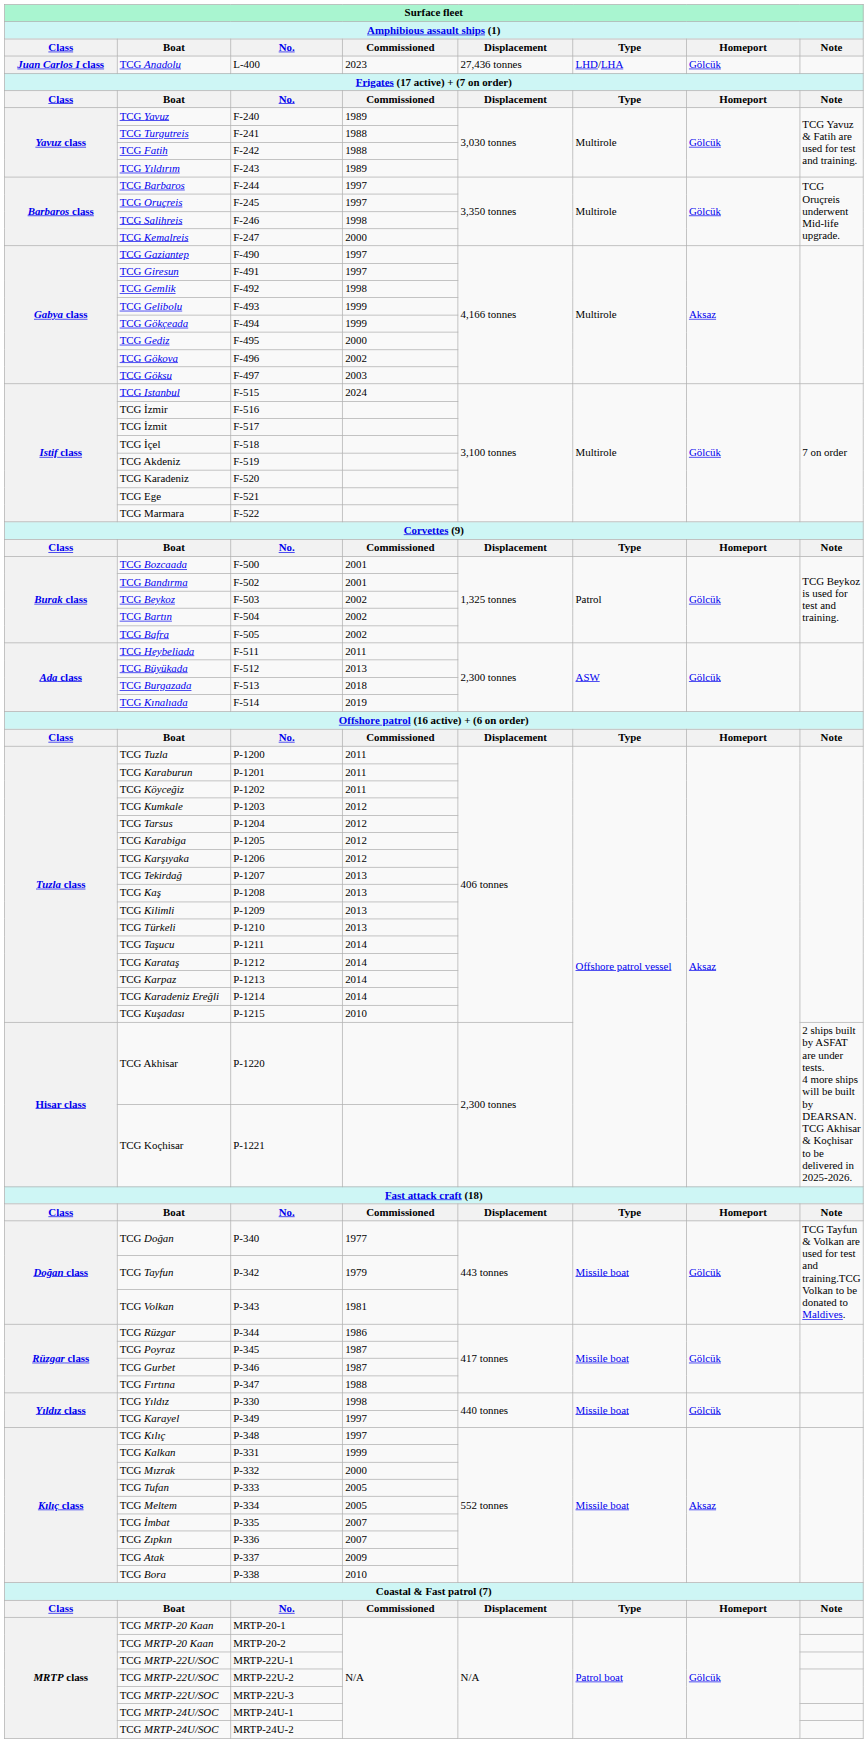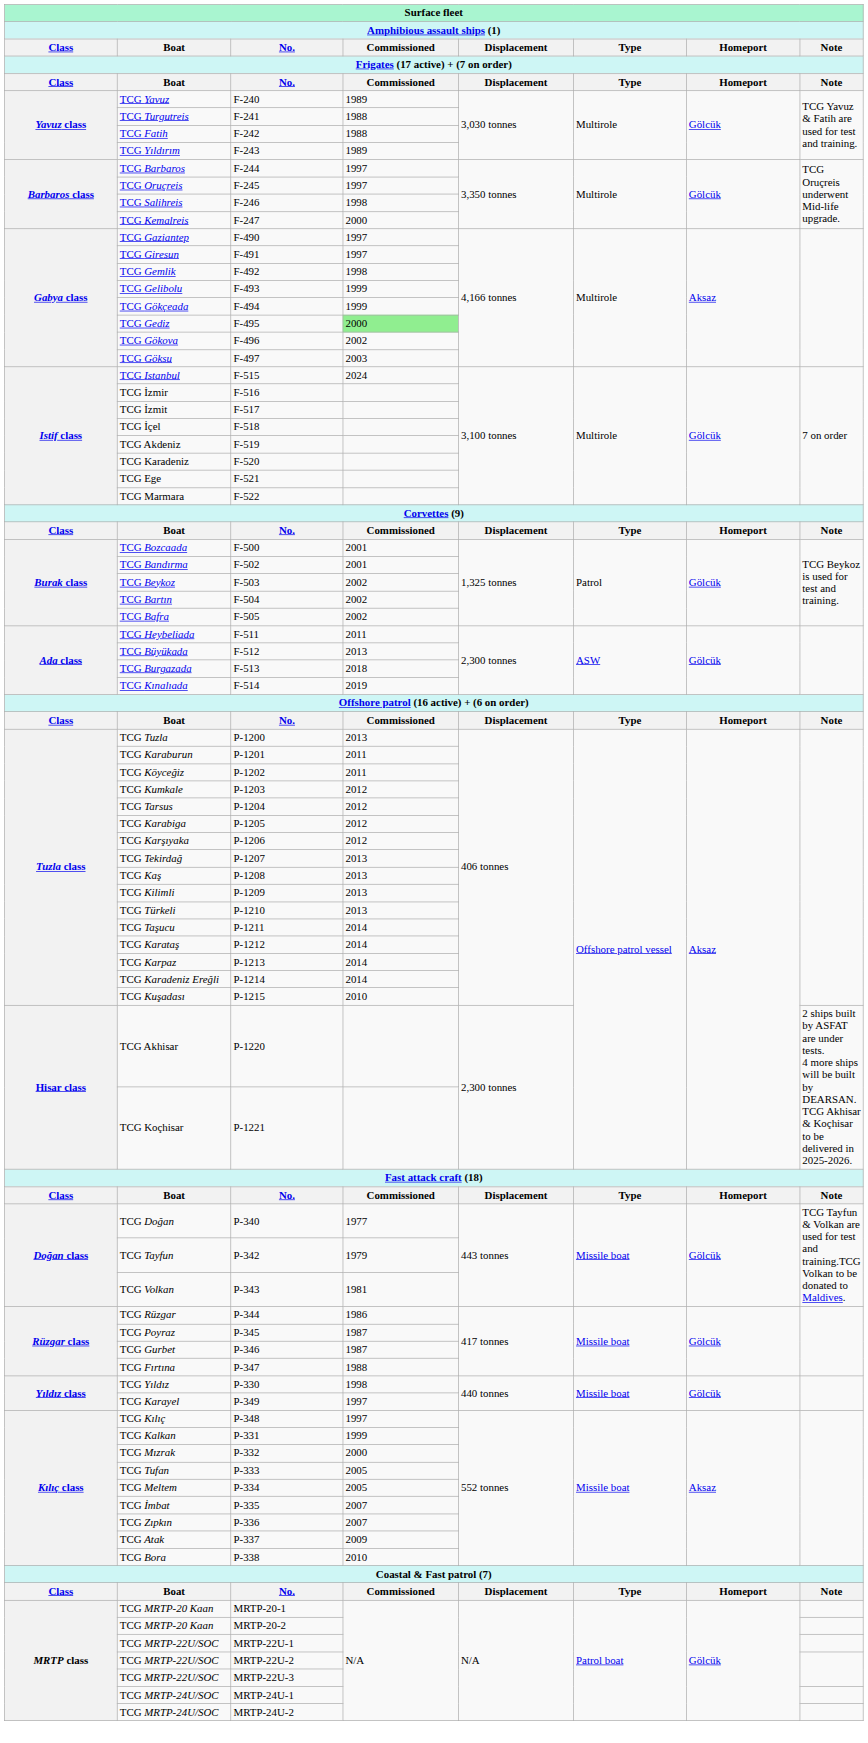 <table class="wikitable" style="margin:auto; width:100%;">
 <tr>
 <th style="align: center; background: #A9F5D0;" colspan="8">Surface fleet</th>
 </tr>
 <tr>
 <th style="align: center; background: #CEF6F5;" colspan="8"><a href='#'>Amphibious assault ships</a> (1)</th>
 </tr>
 <tr>
 <th style="text-align:center; width:14%;"><a href='#'>Class</a></th>
 <th style="text-align:center; width:14%;">Boat</th>
 <th style="text-align:center; width:14%;"><a href='#'>No.</a></th>
 <th style="text-align:center; width:14%;">Commissioned</th>
 <th style="text-align:center; width:14%;">Displacement</th>
 <th style="text-align:center; width:14%;">Type</th>
 <th style="text-align:center; width:14%;">Homeport</th>
 <th style="text-align:center; width:2%;">Note</th>
-</tr>
-<tr>
-<th rowspan="1"><a href='#'><em>Juan Carlos I</em> class</a></th>
-<td><a href='#'>TCG <em>Anadolu</em></a></td>
-<td>L-400</td>
-<td>2023</td>
-<td>27,436 tonnes</td>
-<td><a href='#'>LHD</a>/<a href='#'>LHA</a></td>
-<td><a href='#'>Gölcük</a></td>
-<td></td>
 </tr>
 <tr>
 <th style="align: center; background: #CEF6F5;" colspan="8"><a href='#'>Frigates</a> (17 active) + (7 on order)</th>
 </tr>
 <tr>
 <th style="text-align:center; width:14%;"><a href='#'>Class</a></th>
 <th style="text-align:center; width:14%;">Boat</th>
 <th style="text-align:center; width:14%;"><a href='#'>No.</a></th>
 <th style="text-align:center; width:14%;">Commissioned</th>
 <th style="text-align:center; width:14%;">Displacement</th>
 <th style="text-align:center; width:14%;">Type</th>
 <th style="text-align:center; width:14%;">Homeport</th>
 <th style="text-align:center; width:2%;">Note</th>
 </tr>
 <tr>
 <th rowspan="4"><a href='#'><em>Yavuz</em> class</a></th>
 <td><a href='#'>TCG <em>Yavuz</em></a></td>
 <td>F-240</td>
 <td>1989</td>
 <td rowspan="4">3,030 tonnes</td>
 <td rowspan="4">Multirole</td>
 <td rowspan="4"><a href='#'>Gölcük</a></td>
 <td rowspan="4">TCG Yavuz & Fatih are used  for test and training.</td>
 </tr>
 <tr>
 <td><a href='#'>TCG <em>Turgutreis</em></a></td>
 <td>F-241</td>
 <td>1988</td>
 </tr>
 <tr>
 <td><a href='#'>TCG <em>Fatih</em></a></td>
 <td>F-242</td>
 <td>1988</td>
 </tr>
 <tr>
 <td><a href='#'>TCG <em>Yıldırım</em></a></td>
 <td>F-243</td>
 <td>1989</td>
 </tr>
 <tr>
 <th rowspan="4"><a href='#'><em>Barbaros</em> class</a></th>
 <td><a href='#'>TCG <em>Barbaros</em></a></td>
 <td>F-244</td>
 <td>1997</td>
 <td rowspan="4">3,350 tonnes</td>
 <td rowspan="4">Multirole</td>
 <td rowspan="4"><a href='#'>Gölcük</a></td>
 <td rowspan="4">TCG Oruçreis underwent Mid-life upgrade.</td>
 </tr>
 <tr>
 <td><a href='#'>TCG <em>Oruçreis</em></a></td>
 <td>F-245</td>
 <td>1997</td>
 </tr>
 <tr>
 <td><a href='#'>TCG <em>Salihreis</em></a></td>
 <td>F-246</td>
 <td>1998</td>
 </tr>
 <tr>
 <td><a href='#'>TCG <em>Kemalreis</em></a></td>
 <td>F-247</td>
 <td>2000</td>
 </tr>
 <tr>
 <th rowspan="8"><a href='#'><em>Gabya</em> class</a></th>
 <td><a href='#'>TCG <em>Gaziantep</em></a></td>
 <td>F-490</td>
 <td>1997</td>
 <td rowspan="8">4,166 tonnes</td>
 <td rowspan="8">Multirole</td>
 <td rowspan="8"><a href='#'>Aksaz</a></td>
 <td rowspan="8"></td>
 </tr>
 <tr>
 <td><a href='#'>TCG <em>Giresun</em></a></td>
 <td>F-491</td>
 <td>1997</td>
 </tr>
 <tr>
 <td><a href='#'>TCG <em>Gemlik</em></a></td>
 <td>F-492</td>
 <td>1998</td>
 </tr>
 <tr>
 <td><a href='#'>TCG <em>Gelibolu</em></a></td>
 <td>F-493</td>
 <td>1999</td>
 </tr>
 <tr>
 <td><a href='#'>TCG <em>Gökçeada</em></a></td>
 <td>F-494</td>
 <td>1999</td>
 </tr>
 <tr>
 <td><a href='#'>TCG <em>Gediz</em></a></td>
 <td>F-495</td>
-<td>2000</td>
+<td style="background: lightgreen;">2000</td>
 </tr>
 <tr>
 <td><a href='#'>TCG <em>Gökova</em></a></td>
 <td>F-496</td>
 <td>2002</td>
 </tr>
 <tr>
 <td><a href='#'>TCG <em>Göksu</em></a></td>
 <td>F-497</td>
 <td>2003</td>
 </tr>
 <tr>
 <th rowspan="8"><a href='#'><em>Istif</em> class</a></th>
 <td><a href='#'>TCG <em>Istanbul</em></a></td>
 <td>F-515</td>
 <td>2024</td>
 <td rowspan="8">3,100 tonnes</td>
 <td rowspan="8">Multirole</td>
 <td rowspan="8"><a href='#'>Gölcük</a></td>
 <td rowspan="8">7 on order</td>
 </tr>
 <tr>
 <td>TCG İzmir</td>
 <td>F-516</td>
 <td></td>
 </tr>
 <tr>
 <td>TCG İzmit</td>
 <td>F-517</td>
 <td></td>
 </tr>
 <tr>
 <td>TCG İçel</td>
 <td>F-518</td>
 <td></td>
 </tr>
 <tr>
 <td>TCG Akdeniz</td>
 <td>F-519</td>
 <td></td>
 </tr>
 <tr>
 <td>TCG Karadeniz</td>
 <td>F-520</td>
 <td></td>
 </tr>
 <tr>
 <td>TCG Ege</td>
 <td>F-521</td>
 <td></td>
 </tr>
 <tr>
 <td>TCG Marmara</td>
 <td>F-522</td>
 <td></td>
 </tr>
 <tr>
 <th style="align: center; background: #CEF6F5;" colspan="8"><a href='#'>Corvettes</a> (9)</th>
 </tr>
 <tr>
 <th style="text-align:center; width:14%;"><a href='#'>Class</a></th>
 <th style="text-align:center; width:14%;">Boat</th>
 <th style="text-align:center; width:14%;"><a href='#'>No.</a></th>
 <th style="text-align:center; width:14%;">Commissioned</th>
 <th style="text-align:center; width:14%;">Displacement</th>
 <th style="text-align:center; width:14%;">Type</th>
 <th style="text-align:center; width:14%;">Homeport</th>
 <th style="text-align:center; width:2%;">Note</th>
 </tr>
 <tr>
 <th rowspan="5"><a href='#'><em>Burak</em> class</a></th>
 <td><a href='#'>TCG <em>Bozcaada</em></a></td>
 <td>F-500</td>
 <td>2001</td>
 <td rowspan="5">1,325 tonnes</td>
 <td rowspan="5">Patrol</td>
 <td rowspan="5"><a href='#'>Gölcük</a></td>
 <td rowspan="5">TCG Beykoz is used  for test and training.</td>
 </tr>
 <tr>
 <td><a href='#'>TCG <em>Bandırma</em></a></td>
 <td>F-502</td>
 <td>2001</td>
 </tr>
 <tr>
 <td><a href='#'>TCG <em>Beykoz</em></a></td>
 <td>F-503</td>
 <td>2002</td>
 </tr>
 <tr>
 <td><a href='#'>TCG <em>Bartın</em></a></td>
 <td>F-504</td>
 <td>2002</td>
 </tr>
 <tr>
 <td><a href='#'>TCG <em>Bafra</em></a></td>
 <td>F-505</td>
 <td>2002</td>
 </tr>
 <tr>
 <th rowspan="4"><a href='#'><em>Ada</em> class</a></th>
 <td><a href='#'>TCG <em>Heybeliada</em></a></td>
 <td>F-511</td>
 <td>2011</td>
 <td rowspan="4">2,300 tonnes</td>
 <td rowspan="4"><a href='#'>ASW</a></td>
 <td rowspan="4"><a href='#'>Gölcük</a></td>
 <td rowspan="4"></td>
 </tr>
 <tr>
 <td><a href='#'>TCG <em>Büyükada</em></a></td>
 <td>F-512</td>
 <td>2013</td>
 </tr>
 <tr>
 <td><a href='#'>TCG <em>Burgazada</em></a></td>
 <td>F-513</td>
 <td>2018</td>
 </tr>
 <tr>
 <td><a href='#'>TCG <em>Kınalıada</em></a></td>
 <td>F-514</td>
 <td>2019</td>
 </tr>
 <tr>
 <th style="align: center; background: #CEF6F5;" colspan="8"><a href='#'>Offshore patrol</a> (16 active) + (6 on order)</th>
 </tr>
 <tr>
 <th style="text-align:center; width:14%;"><a href='#'>Class</a></th>
 <th style="text-align:center; width:14%;">Boat</th>
 <th style="text-align:center; width:14%;"><a href='#'>No.</a></th>
 <th style="text-align:center; width:14%;">Commissioned</th>
 <th style="text-align:center; width:14%;">Displacement</th>
 <th style="text-align:center; width:14%;">Type</th>
 <th style="text-align:center; width:14%;">Homeport</th>
 <th style="text-align:center; width:2%;">Note</th>
 </tr>
 <tr>
 <th rowspan="16"><a href='#'><em>Tuzla</em> class</a></th>
 <td>TCG <em>Tuzla</em></td>
 <td>P-1200</td>
-<td>2011</td>
+<td>2013</td>
 <td rowspan="16">406 tonnes</td>
 <td rowspan="18"><a href='#'>Offshore patrol vessel</a></td>
 <td rowspan="18"><a href='#'>Aksaz</a></td>
 <td rowspan="16"></td>
 </tr>
 <tr>
 <td>TCG <em>Karaburun</em></td>
 <td>P-1201</td>
 <td>2011</td>
 </tr>
 <tr>
 <td>TCG <em>Köyceğiz</em></td>
 <td>P-1202</td>
 <td>2011</td>
 </tr>
 <tr>
 <td>TCG <em>Kumkale</em></td>
 <td>P-1203</td>
 <td>2012</td>
 </tr>
 <tr>
 <td>TCG <em>Tarsus</em></td>
 <td>P-1204</td>
 <td>2012</td>
 </tr>
 <tr>
 <td>TCG <em>Karabiga</em></td>
 <td>P-1205</td>
 <td>2012</td>
 </tr>
 <tr>
 <td>TCG <em>Karşıyaka</em></td>
 <td>P-1206</td>
 <td>2012</td>
 </tr>
 <tr>
 <td>TCG <em>Tekirdağ</em></td>
 <td>P-1207</td>
 <td>2013</td>
 </tr>
 <tr>
 <td>TCG <em>Kaş</em></td>
 <td>P-1208</td>
 <td>2013</td>
 </tr>
 <tr>
 <td>TCG <em>Kilimli</em></td>
 <td>P-1209</td>
 <td>2013</td>
 </tr>
 <tr>
 <td>TCG <em>Türkeli</em></td>
 <td>P-1210</td>
 <td>2013</td>
 </tr>
 <tr>
 <td>TCG <em>Taşucu</em></td>
 <td>P-1211</td>
 <td>2014</td>
 </tr>
 <tr>
 <td>TCG <em>Karataş</em></td>
 <td>P-1212</td>
 <td>2014</td>
 </tr>
 <tr>
 <td>TCG <em>Karpaz</em></td>
 <td>P-1213</td>
 <td>2014</td>
 </tr>
 <tr>
 <td>TCG <em>Karadeniz Ereğli</em></td>
 <td>P-1214</td>
 <td>2014</td>
 </tr>
 <tr>
 <td>TCG <em>Kuşadası</em></td>
 <td>P-1215</td>
 <td>2010</td>
 </tr>
 <tr>
 <th rowspan="2"><a href='#'>Hisar class</a></th>
 <td>TCG Akhisar</td>
 <td>P-1220</td>
 <td></td>
 <td rowspan="2">2,300 tonnes</td>
 <td rowspan="2">2 ships built by ASFAT are under tests.<br>4 more ships will be built by DEARSAN. TCG Akhisar & Koçhisar to be delivered in 2025-2026.</td>
 </tr>
 <tr>
 <td>TCG Koçhisar</td>
 <td>P-1221</td>
 <td></td>
 </tr>
 <tr>
 <th style="align: center; background: #CEF6F5;" colspan="8"><a href='#'>Fast attack craft</a> (18)</th>
 </tr>
 <tr>
 <th style="text-align:center; width:14%;"><a href='#'>Class</a></th>
 <th style="text-align:center; width:14%;">Boat</th>
 <th style="text-align:center; width:14%;"><a href='#'>No.</a></th>
 <th style="text-align:center; width:14%;">Commissioned</th>
 <th style="text-align:center; width:14%;">Displacement</th>
 <th style="text-align:center; width:14%;">Type</th>
 <th style="text-align:center; width:14%;">Homeport</th>
 <th style="text-align:center; width:2%;">Note</th>
 </tr>
 <tr>
 <th rowspan="3"><a href='#'><em>Doğan</em> class</a></th>
 <td>TCG <em>Doğan</em></td>
 <td>P-340</td>
 <td>1977</td>
 <td rowspan="3">443 tonnes</td>
 <td rowspan="3"><a href='#'>Missile boat</a></td>
 <td rowspan="3"><a href='#'>Gölcük</a></td>
 <td rowspan="3">TCG Tayfun & Volkan are used for test and training.TCG Volkan to be donated to <a href='#'>Maldives</a>. </td>
 </tr>
 <tr>
 <td>TCG <em>Tayfun</em></td>
 <td>P-342</td>
 <td>1979</td>
 </tr>
 <tr>
 <td>TCG <em>Volkan</em></td>
 <td>P-343</td>
 <td>1981</td>
 </tr>
 <tr>
 <th rowspan="4"><a href='#'><em>Rüzgar</em> class</a></th>
 <td>TCG <em>Rüzgar</em></td>
 <td>P-344</td>
 <td>1986</td>
 <td rowspan="4">417 tonnes</td>
 <td rowspan="4"><a href='#'>Missile boat</a></td>
 <td rowspan="4"><a href='#'>Gölcük</a></td>
 <td rowspan="4"></td>
 </tr>
 <tr>
 <td>TCG <em>Poyraz</em></td>
 <td>P-345</td>
 <td>1987</td>
 </tr>
 <tr>
 <td>TCG <em>Gurbet</em></td>
 <td>P-346</td>
 <td>1987</td>
 </tr>
 <tr>
 <td>TCG <em>Fırtına</em></td>
 <td>P-347</td>
 <td>1988</td>
 </tr>
 <tr>
 <th rowspan="2"><a href='#'><em>Yıldız</em> class</a></th>
 <td>TCG <em>Yıldız</em></td>
 <td>P-330</td>
 <td>1998</td>
 <td rowspan="2">440 tonnes</td>
 <td rowspan="2"><a href='#'>Missile boat</a></td>
 <td rowspan="2"><a href='#'>Gölcük</a></td>
 <td rowspan="2"></td>
 </tr>
 <tr>
 <td>TCG <em>Karayel</em></td>
 <td>P-349</td>
 <td>1997</td>
 </tr>
 <tr>
 <th rowspan="9"><a href='#'><em>Kılıç</em> class</a></th>
 <td>TCG <em>Kılıç</em></td>
 <td>P-348</td>
 <td>1997</td>
 <td rowspan="9">552 tonnes</td>
 <td rowspan="9"><a href='#'>Missile boat</a></td>
 <td rowspan="9"><a href='#'>Aksaz</a></td>
 <td rowspan="9"></td>
 </tr>
 <tr>
 <td>TCG <em>Kalkan</em></td>
 <td>P-331</td>
 <td>1999</td>
 </tr>
 <tr>
 <td>TCG <em>Mızrak</em></td>
 <td>P-332</td>
 <td>2000</td>
 </tr>
 <tr>
 <td>TCG <em>Tufan</em></td>
 <td>P-333</td>
 <td>2005</td>
 </tr>
 <tr>
 <td>TCG <em>Meltem</em></td>
 <td>P-334</td>
 <td>2005</td>
 </tr>
 <tr>
 <td>TCG <em>İmbat</em></td>
 <td>P-335</td>
 <td>2007</td>
 </tr>
 <tr>
 <td>TCG <em>Zıpkın</em></td>
 <td>P-336</td>
 <td>2007</td>
 </tr>
 <tr>
 <td>TCG <em>Atak</em></td>
 <td>P-337</td>
 <td>2009</td>
 </tr>
 <tr>
 <td>TCG <em>Bora</em></td>
 <td>P-338</td>
 <td>2010</td>
 </tr>
 <tr>
 <th style="align: center; background: #CEF6F5;" colspan="8">Coastal & Fast patrol (7)</th>
 </tr>
 <tr>
 <th style="text-align:center; width:14%;"><a href='#'>Class</a></th>
 <th style="text-align:center; width:14%;">Boat</th>
 <th style="text-align:center; width:14%;"><a href='#'>No.</a></th>
 <th style="text-align:center; width:14%;">Commissioned</th>
 <th style="text-align:center; width:14%;">Displacement</th>
 <th style="text-align:center; width:14%;">Type</th>
 <th style="text-align:center; width:14%;">Homeport</th>
 <th style="text-align:center; width:2%;">Note</th>
 </tr>
 <tr>
 <th rowspan="7"><em>MRTP</em> class</th>
 <td>TCG <em>MRTP-20 Kaan</em></td>
 <td>MRTP-20-1</td>
 <td rowspan="7">N/A</td>
 <td rowspan="7">N/A</td>
 <td rowspan="7"><a href='#'>Patrol boat</a></td>
 <td rowspan="7"><a href='#'>Gölcük</a></td>
 <td></td>
 </tr>
 <tr>
 <td>TCG <em>MRTP-20 Kaan</em></td>
 <td>MRTP-20-2</td>
 </tr>
 <tr>
 <td>TCG <em>MRTP-22U/SOC</em></td>
 <td>MRTP-22U-1</td>
 <td></td>
 </tr>
 <tr>
 <td>TCG <em>MRTP-22U/SOC</em></td>
 <td>MRTP-22U-2</td>
 </tr>
 <tr>
 <td>TCG <em>MRTP-22U/SOC</em></td>
 <td>MRTP-22U-3</td>
 </tr>
 <tr>
 <td>TCG <em>MRTP-24U/SOC</em></td>
 <td>MRTP-24U-1</td>
 <td></td>
 </tr>
 <tr>
 <td>TCG <em>MRTP-24U/SOC</em></td>
 <td>MRTP-24U-2</td>
 </tr>
 </table>
